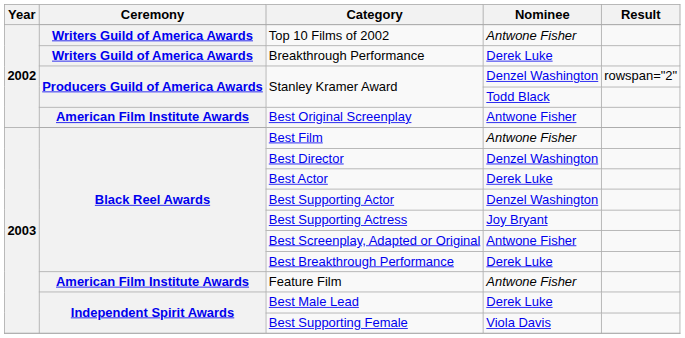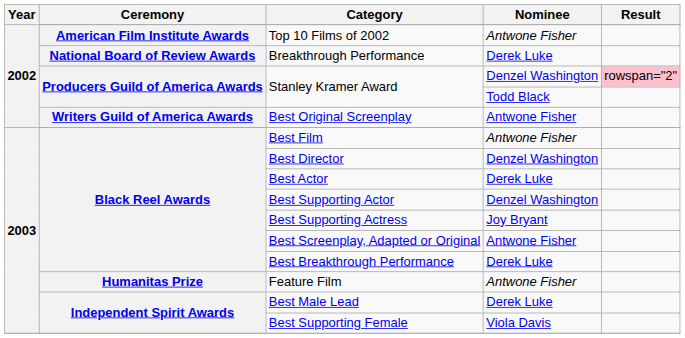 <table class="wikitable plainrowheaders" style="font-size: 100%;">
 <tr style="background:#ccc; text-align:center;">
 <th scope="col">Year</th>
 <th scope="col">Ceremony</th>
 <th scope="col">Category</th>
 <th scope="col">Nominee</th>
 <th scope="col">Result</th>
 </tr>
 <tr>
 <th scope="row" rowspan="6">2002</th>
 </tr>
 <tr>
-<th scope="row"><a href='#'>Writers Guild of America Awards</a></th>
+<th scope="row"><a href='#'>American Film Institute Awards</a></th>
 <td>Top 10 Films of 2002</td>
 <td><em>Antwone Fisher</em></td>
 <td></td>
 </tr>
 <tr>
-<th scope="row"><a href='#'>Writers Guild of America Awards</a></th>
+<th scope="row"><a href='#'>National Board of Review Awards</a></th>
 <td>Breakthrough Performance</td>
 <td><a href='#'>Derek Luke</a></td>
 <td></td>
 </tr>
 <tr>
 <th scope="row" rowspan="2"><a href='#'>Producers Guild of America Awards</a></th>
 <td rowspan="2">Stanley Kramer Award</td>
 <td><a href='#'>Denzel Washington</a></td>
-<td>rowspan="2" </td>
+<td style="background: pink;">rowspan="2" </td>
 </tr>
 <tr>
 <td><a href='#'>Todd Black</a></td>
 </tr>
 <tr>
-<th scope="row"><a href='#'>American Film Institute Awards</a></th>
+<th scope="row"><a href='#'>Writers Guild of America Awards</a></th>
 <td><a href='#'>Best Original Screenplay</a></td>
 <td><a href='#'>Antwone Fisher</a></td>
 <td></td>
 </tr>
 <tr>
 <th rowspan="11" scope="row">2003</th>
 </tr>
 <tr>
 <th scope="row" rowspan="7"><a href='#'>Black Reel Awards</a></th>
 <td><a href='#'>Best Film</a></td>
 <td><em>Antwone Fisher</em></td>
 <td></td>
 </tr>
 <tr>
 <td><a href='#'>Best Director</a></td>
 <td><a href='#'>Denzel Washington</a></td>
 <td></td>
 </tr>
 <tr>
 <td><a href='#'>Best Actor</a></td>
 <td><a href='#'>Derek Luke</a></td>
 <td></td>
 </tr>
 <tr>
 <td><a href='#'>Best Supporting Actor</a></td>
 <td><a href='#'>Denzel Washington</a></td>
 <td></td>
 </tr>
 <tr>
 <td><a href='#'>Best Supporting Actress</a></td>
 <td><a href='#'>Joy Bryant</a></td>
 <td></td>
 </tr>
 <tr>
 <td><a href='#'>Best Screenplay, Adapted or Original</a></td>
 <td><a href='#'>Antwone Fisher</a></td>
 <td></td>
 </tr>
 <tr>
 <td><a href='#'>Best Breakthrough Performance</a></td>
 <td><a href='#'>Derek Luke</a></td>
 <td></td>
 </tr>
 <tr>
-<th scope="row"><a href='#'>American Film Institute Awards</a></th>
+<th scope="row"><a href='#'>Humanitas Prize</a></th>
 <td>Feature Film</td>
 <td><em>Antwone Fisher</em></td>
 <td></td>
 </tr>
 <tr>
 <th rowspan="2" scope="row"><a href='#'>Independent Spirit Awards</a></th>
 <td><a href='#'>Best Male Lead</a></td>
 <td><a href='#'>Derek Luke</a></td>
 <td></td>
 </tr>
 <tr>
 <td><a href='#'>Best Supporting Female</a></td>
 <td><a href='#'>Viola Davis</a></td>
 <td></td>
 </tr>
 <tr>
 </tr>
 </table>
